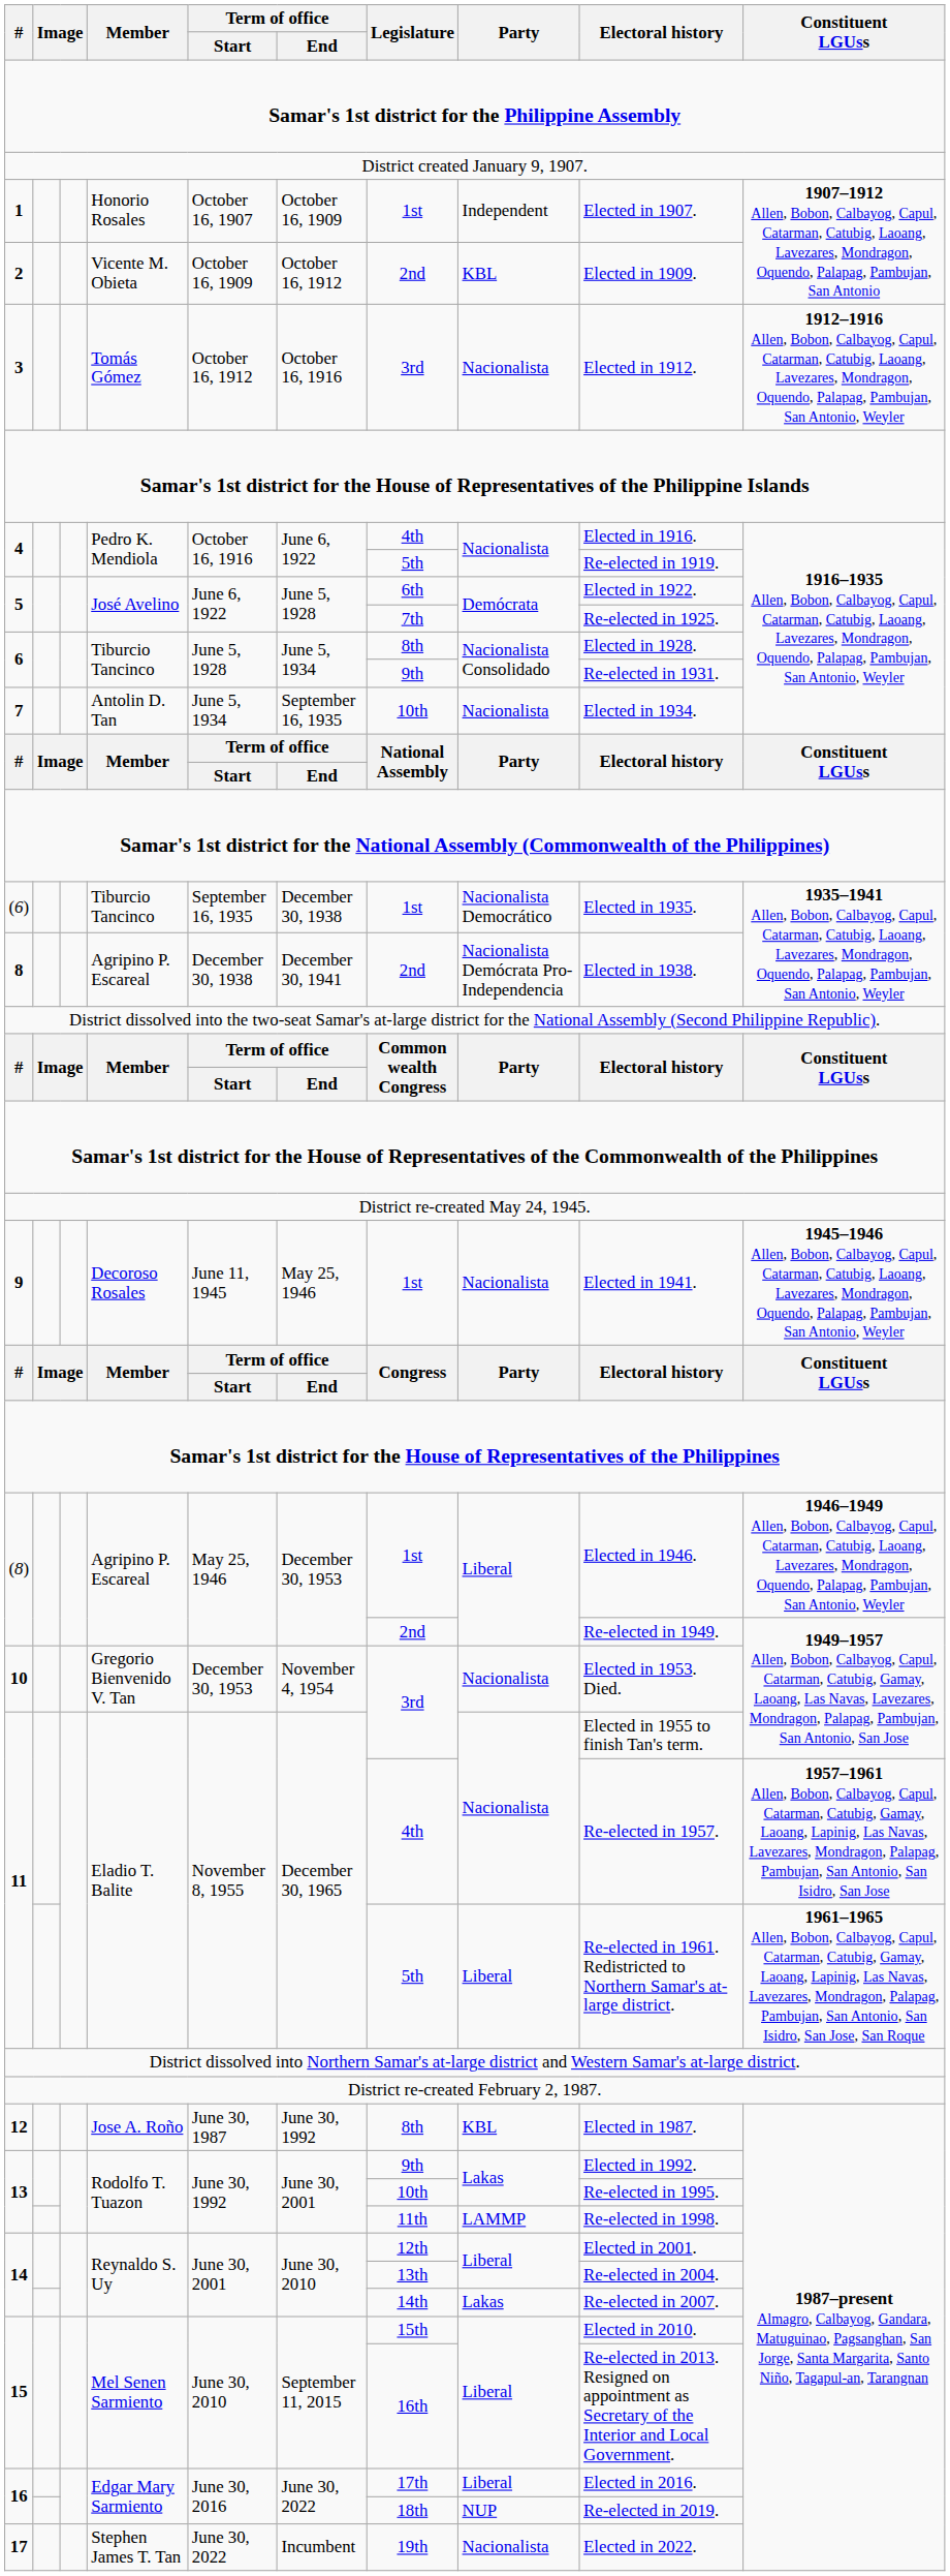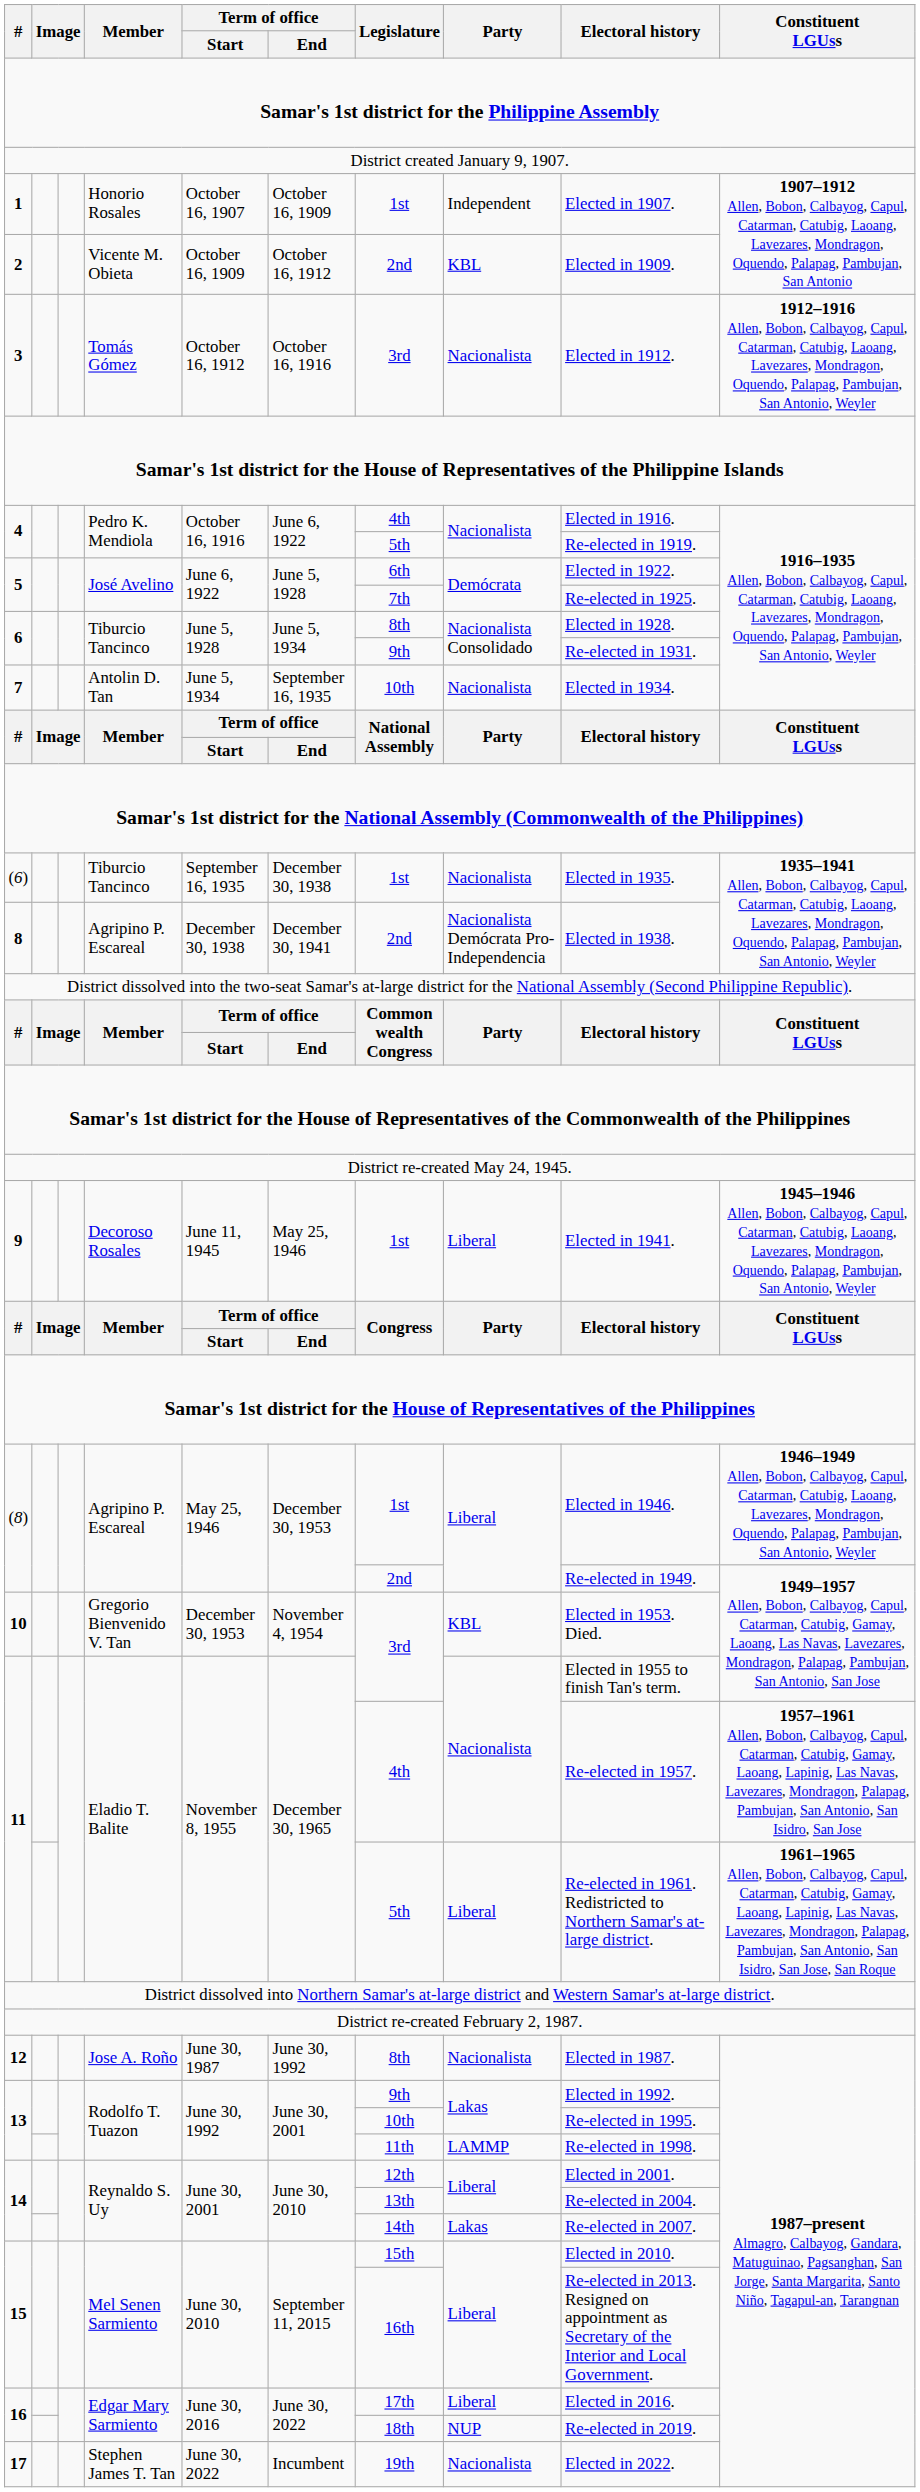 <table class=wikitable>
 <tr>
 <th rowspan="2">#</th>
 <th rowspan="2" colspan=2>Image</th>
 <th rowspan="2">Member</th>
 <th colspan=2>Term of office</th>
 <th rowspan="2">Legislature</th>
 <th rowspan="2">Party</th>
 <th rowspan="2">Electoral history</th>
 <th rowspan="2">Constituent<br><a href='#'>LGUs</a>s</th>
 </tr>
 <tr>
 <th>Start</th>
 <th>End</th>
 </tr>
 <tr>
 <td colspan="10" style="text-align:center;"><br><h3>Samar's 1st district for the <a href='#'>Philippine Assembly</a></h3></td>
 </tr>
 <tr>
 <td colspan="10" style="text-align:center;">District created January 9, 1907.</td>
 </tr>
 <tr>
 <td style="text-align:center;"><strong>1</strong></td>
 <td style="color:inherit;background:"></td>
 <td></td>
 <td>Honorio Rosales</td>
 <td>October 16, 1907</td>
 <td>October 16, 1909</td>
 <td style="text-align:center;"><a href='#'>1st</a></td>
 <td>Independent</td>
 <td><a href='#'>Elected in 1907</a>.</td>
 <td rowspan="2" style="text-align:center;"><strong>1907–1912</strong><br><small><a href='#'>Allen</a>, <a href='#'>Bobon</a>, <a href='#'>Calbayog</a>, <a href='#'>Capul</a>, <a href='#'>Catarman</a>, <a href='#'>Catubig</a>, <a href='#'>Laoang</a>, <a href='#'>Lavezares</a>, <a href='#'>Mondragon</a>, <a href='#'>Oquendo</a>, <a href='#'>Palapag</a>, <a href='#'>Pambujan</a>, <a href='#'>San Antonio</a></small></td>
 </tr>
 <tr>
 <td style="text-align:center;"><strong>2</strong></td>
 <td style="color:inherit;background:"></td>
 <td></td>
 <td>Vicente M. Obieta</td>
 <td>October 16, 1909</td>
 <td>October 16, 1912</td>
 <td style="text-align:center;"><a href='#'>2nd</a></td>
 <td><a href='#'>KBL</a></td>
 <td><a href='#'>Elected in 1909</a>.</td>
 </tr>
 <tr>
 <td style="text-align:center;"><strong>3</strong></td>
 <td style="color:inherit;background:"></td>
 <td></td>
 <td><a href='#'>Tomás Gómez</a></td>
 <td>October 16, 1912</td>
 <td>October 16, 1916</td>
 <td style="text-align:center;"><a href='#'>3rd</a></td>
 <td><a href='#'>Nacionalista</a></td>
 <td><a href='#'>Elected in 1912</a>.</td>
 <td style="text-align:center;"><strong>1912–1916</strong><br><small><a href='#'>Allen</a>, <a href='#'>Bobon</a>, <a href='#'>Calbayog</a>, <a href='#'>Capul</a>, <a href='#'>Catarman</a>, <a href='#'>Catubig</a>, <a href='#'>Laoang</a>, <a href='#'>Lavezares</a>, <a href='#'>Mondragon</a>, <a href='#'>Oquendo</a>, <a href='#'>Palapag</a>, <a href='#'>Pambujan</a>, <a href='#'>San Antonio</a>, <a href='#'>Weyler</a></small></td>
 </tr>
 <tr>
 <td colspan="10" style="text-align:center;"><br><h3>Samar's 1st district for the House of Representatives of the Philippine Islands</h3></td>
 </tr>
 <tr>
 <td rowspan="2" style="text-align:center;"><strong>4</strong></td>
 <td rowspan="2" style="color:inherit;background:"></td>
 <td rowspan="2"></td>
 <td rowspan="2">Pedro K. Mendiola</td>
 <td rowspan="2">October 16, 1916</td>
 <td rowspan="2">June 6, 1922</td>
 <td style="text-align:center;"><a href='#'>4th</a></td>
 <td rowspan="2"><a href='#'>Nacionalista</a></td>
 <td><a href='#'>Elected in 1916</a>.</td>
 <td rowspan="7" style="text-align:center;"><strong>1916–1935</strong><br><small><a href='#'>Allen</a>, <a href='#'>Bobon</a>, <a href='#'>Calbayog</a>, <a href='#'>Capul</a>, <a href='#'>Catarman</a>, <a href='#'>Catubig</a>, <a href='#'>Laoang</a>, <a href='#'>Lavezares</a>, <a href='#'>Mondragon</a>, <a href='#'>Oquendo</a>, <a href='#'>Palapag</a>, <a href='#'>Pambujan</a>, <a href='#'>San Antonio</a>, <a href='#'>Weyler</a></small></td>
 </tr>
 <tr>
 <td style="text-align:center;"><a href='#'>5th</a></td>
 <td><a href='#'>Re-elected in 1919</a>.</td>
 </tr>
 <tr>
 <td rowspan="2" style="text-align:center;"><strong>5</strong></td>
 <td rowspan="2" style="color:inherit;background:"></td>
 <td rowspan="2"></td>
 <td rowspan="2"><a href='#'>José Avelino</a></td>
 <td rowspan="2">June 6, 1922</td>
 <td rowspan="2">June 5, 1928</td>
 <td style="text-align:center;"><a href='#'>6th</a></td>
 <td rowspan="2"><a href='#'>Demócrata</a></td>
 <td><a href='#'>Elected in 1922</a>.</td>
 </tr>
 <tr>
 <td style="text-align:center;"><a href='#'>7th</a></td>
 <td><a href='#'>Re-elected in 1925</a>.</td>
 </tr>
 <tr>
 <td rowspan="2" style="text-align:center;"><strong>6</strong></td>
 <td rowspan="2" style="color:inherit;background:"></td>
 <td rowspan="2"></td>
 <td rowspan="2">Tiburcio Tancinco</td>
 <td rowspan="2">June 5, 1928</td>
 <td rowspan="2">June 5, 1934</td>
 <td style="text-align:center;"><a href='#'>8th</a></td>
 <td rowspan="2"><a href='#'>Nacionalista</a><br>Consolidado</td>
 <td><a href='#'>Elected in 1928</a>.</td>
 </tr>
 <tr>
 <td style="text-align:center;"><a href='#'>9th</a></td>
 <td><a href='#'>Re-elected in 1931</a>.</td>
 </tr>
 <tr>
 <td style="text-align:center;"><strong>7</strong></td>
 <td style="color:inherit;background:"></td>
 <td></td>
 <td>Antolin D. Tan</td>
 <td>June 5, 1934</td>
 <td>September 16, 1935</td>
 <td style="text-align:center;"><a href='#'>10th</a></td>
 <td><a href='#'>Nacionalista</a></td>
 <td><a href='#'>Elected in 1934</a>.</td>
 </tr>
 <tr>
 <th rowspan="2">#</th>
 <th rowspan="2" colspan=2>Image</th>
 <th rowspan="2">Member</th>
 <th colspan=2>Term of office</th>
 <th rowspan="2">National<br>Assembly</th>
 <th rowspan="2">Party</th>
 <th rowspan="2">Electoral history</th>
 <th rowspan="2">Constituent<br><a href='#'>LGUs</a>s</th>
 </tr>
 <tr>
 <th>Start</th>
 <th>End</th>
 </tr>
 <tr>
 <td colspan="10" style="text-align:center;"><br><h3>Samar's 1st district for the <a href='#'>National Assembly (Commonwealth of the Philippines)</a></h3></td>
 </tr>
 <tr>
 <td style="text-align:center;">(<em>6</em>)</td>
 <td style="color:inherit;background:"></td>
 <td></td>
 <td>Tiburcio Tancinco</td>
 <td>September 16, 1935</td>
 <td>December 30, 1938</td>
 <td style="text-align:center;"><a href='#'>1st</a></td>
-<td><a href='#'>Nacionalista</a><br>Democrático</td>
+<td><a href='#'>Nacionalista</a></td>
 <td><a href='#'>Elected in 1935</a>.</td>
 <td rowspan="2" style="text-align:center;"><strong>1935–1941</strong><br><small><a href='#'>Allen</a>, <a href='#'>Bobon</a>, <a href='#'>Calbayog</a>, <a href='#'>Capul</a>, <a href='#'>Catarman</a>, <a href='#'>Catubig</a>, <a href='#'>Laoang</a>, <a href='#'>Lavezares</a>, <a href='#'>Mondragon</a>, <a href='#'>Oquendo</a>, <a href='#'>Palapag</a>, <a href='#'>Pambujan</a>, <a href='#'>San Antonio</a>, <a href='#'>Weyler</a></small></td>
 </tr>
 <tr>
 <td style="text-align:center;"><strong>8</strong></td>
 <td style="color:inherit;background:"></td>
 <td></td>
 <td>Agripino P. Escareal</td>
 <td>December 30, 1938</td>
 <td>December 30, 1941</td>
 <td style="text-align:center;"><a href='#'>2nd</a></td>
 <td><a href='#'>Nacionalista</a><br>Demócrata Pro-Independencia</td>
 <td><a href='#'>Elected in 1938</a>.</td>
 </tr>
 <tr>
 <td colspan="10" style="text-align:center;">District dissolved into the two-seat Samar's at-large district for the <a href='#'>National Assembly (Second Philippine Republic)</a>.</td>
 </tr>
 <tr>
 <th rowspan="2">#</th>
 <th rowspan="2" colspan=2>Image</th>
 <th rowspan="2">Member</th>
 <th colspan=2>Term of office</th>
 <th rowspan="2">Common<br>wealth<br>Congress</th>
 <th rowspan="2">Party</th>
 <th rowspan="2">Electoral history</th>
 <th rowspan="2">Constituent<br><a href='#'>LGUs</a>s</th>
 </tr>
 <tr>
 <th>Start</th>
 <th>End</th>
 </tr>
 <tr>
 <td colspan="10" style="text-align:center;"><br><h3>Samar's 1st district for the House of Representatives of the Commonwealth of the Philippines</h3></td>
 </tr>
 <tr>
 <td colspan="10" style="text-align:center;">District re-created May 24, 1945.</td>
 </tr>
 <tr>
 <td style="text-align:center;"><strong>9</strong></td>
 <td style="color:inherit;background:"></td>
 <td></td>
 <td><a href='#'>Decoroso Rosales</a></td>
 <td>June 11, 1945</td>
 <td>May 25, 1946</td>
 <td style="text-align:center;"><a href='#'>1st</a></td>
-<td><a href='#'>Nacionalista</a></td>
+<td><a href='#'>Liberal</a></td>
 <td><a href='#'>Elected in 1941</a>.</td>
 <td style="text-align:center;"><strong>1945–1946</strong><br><small><a href='#'>Allen</a>, <a href='#'>Bobon</a>, <a href='#'>Calbayog</a>, <a href='#'>Capul</a>, <a href='#'>Catarman</a>, <a href='#'>Catubig</a>, <a href='#'>Laoang</a>, <a href='#'>Lavezares</a>, <a href='#'>Mondragon</a>, <a href='#'>Oquendo</a>, <a href='#'>Palapag</a>, <a href='#'>Pambujan</a>, <a href='#'>San Antonio</a>, <a href='#'>Weyler</a></small></td>
 </tr>
 <tr>
 <th rowspan="2">#</th>
 <th rowspan="2" colspan=2>Image</th>
 <th rowspan="2">Member</th>
 <th colspan=2>Term of office</th>
 <th rowspan="2">Congress</th>
 <th rowspan="2">Party</th>
 <th rowspan="2">Electoral history</th>
 <th rowspan="2">Constituent<br><a href='#'>LGUs</a>s</th>
 </tr>
 <tr>
 <th>Start</th>
 <th>End</th>
 </tr>
 <tr>
 <td colspan="10" style="text-align:center;"><br><h3>Samar's 1st district for the <a href='#'>House of Representatives of the Philippines</a></h3></td>
 </tr>
 <tr>
 <td rowspan="2" style="text-align:center;">(<em>8</em>)</td>
 <td rowspan="2" style="color:inherit;background:"></td>
 <td rowspan="2"></td>
 <td rowspan="2">Agripino P. Escareal</td>
 <td rowspan="2">May 25, 1946</td>
 <td rowspan="2">December 30, 1953</td>
 <td style="text-align:center;"><a href='#'>1st</a></td>
 <td rowspan="2"><a href='#'>Liberal</a></td>
 <td><a href='#'>Elected in 1946</a>.</td>
 <td style="text-align:center;"><strong>1946–1949</strong><br><small><a href='#'>Allen</a>, <a href='#'>Bobon</a>, <a href='#'>Calbayog</a>, <a href='#'>Capul</a>, <a href='#'>Catarman</a>, <a href='#'>Catubig</a>, <a href='#'>Laoang</a>, <a href='#'>Lavezares</a>, <a href='#'>Mondragon</a>, <a href='#'>Oquendo</a>, <a href='#'>Palapag</a>, <a href='#'>Pambujan</a>, <a href='#'>San Antonio</a>, <a href='#'>Weyler</a></small></td>
 </tr>
 <tr>
 <td style="text-align:center;"><a href='#'>2nd</a></td>
 <td><a href='#'>Re-elected in 1949</a>.</td>
 <td rowspan="3" style="text-align:center;"><strong>1949–1957</strong><br><small><a href='#'>Allen</a>, <a href='#'>Bobon</a>, <a href='#'>Calbayog</a>, <a href='#'>Capul</a>, <a href='#'>Catarman</a>, <a href='#'>Catubig</a>, <a href='#'>Gamay</a>, <a href='#'>Laoang</a>, <a href='#'>Las Navas</a>, <a href='#'>Lavezares</a>, <a href='#'>Mondragon</a>, <a href='#'>Palapag</a>, <a href='#'>Pambujan</a>, <a href='#'>San Antonio</a>, <a href='#'>San Jose</a></small></td>
 </tr>
 <tr>
 <td style="text-align:center;"><strong>10</strong></td>
 <td style="color:inherit;background:"></td>
 <td></td>
 <td>Gregorio Bienvenido V. Tan</td>
 <td>December 30, 1953</td>
 <td>November 4, 1954</td>
 <td rowspan="2" style="text-align:center;"><a href='#'>3rd</a></td>
-<td><a href='#'>Nacionalista</a></td>
+<td><a href='#'>KBL</a></td>
 <td><a href='#'>Elected in 1953</a>.<br>Died.</td>
 </tr>
 <tr>
 <td rowspan="3" style="text-align:center;"><strong>11</strong></td>
 <td rowspan="2" style="color:inherit;background:"></td>
 <td rowspan="3"></td>
 <td rowspan="3">Eladio T. Balite</td>
 <td rowspan="3">November 8, 1955</td>
 <td rowspan="3">December 30, 1965</td>
 <td rowspan="2"><a href='#'>Nacionalista</a></td>
 <td>Elected in 1955 to finish Tan's term.</td>
 </tr>
 <tr>
 <td style="text-align:center;"><a href='#'>4th</a></td>
 <td><a href='#'>Re-elected in 1957</a>.</td>
 <td style="text-align:center;"><strong>1957–1961</strong><br><small><a href='#'>Allen</a>, <a href='#'>Bobon</a>, <a href='#'>Calbayog</a>, <a href='#'>Capul</a>, <a href='#'>Catarman</a>, <a href='#'>Catubig</a>, <a href='#'>Gamay</a>, <a href='#'>Laoang</a>, <a href='#'>Lapinig</a>, <a href='#'>Las Navas</a>, <a href='#'>Lavezares</a>, <a href='#'>Mondragon</a>, <a href='#'>Palapag</a>, <a href='#'>Pambujan</a>, <a href='#'>San Antonio</a>, <a href='#'>San Isidro</a>, <a href='#'>San Jose</a></small></td>
 </tr>
 <tr>
 <td style="color:inherit;background:"></td>
 <td style="text-align:center;"><a href='#'>5th</a></td>
 <td><a href='#'>Liberal</a></td>
 <td><a href='#'>Re-elected in 1961</a>.<br>Redistricted to <a href='#'>Northern Samar's at-large district</a>.</td>
 <td style="text-align:center;"><strong>1961–1965</strong><br><small><a href='#'>Allen</a>, <a href='#'>Bobon</a>, <a href='#'>Calbayog</a>, <a href='#'>Capul</a>, <a href='#'>Catarman</a>, <a href='#'>Catubig</a>, <a href='#'>Gamay</a>, <a href='#'>Laoang</a>, <a href='#'>Lapinig</a>, <a href='#'>Las Navas</a>, <a href='#'>Lavezares</a>, <a href='#'>Mondragon</a>, <a href='#'>Palapag</a>, <a href='#'>Pambujan</a>, <a href='#'>San Antonio</a>, <a href='#'>San Isidro</a>, <a href='#'>San Jose</a>, <a href='#'>San Roque</a></small></td>
 </tr>
 <tr>
 <td colspan="10" style="text-align:center;">District dissolved into <a href='#'>Northern Samar's at-large district</a> and <a href='#'>Western Samar's at-large district</a>.</td>
 </tr>
 <tr>
 <td colspan="10" style="text-align:center;">District re-created February 2, 1987.</td>
 </tr>
 <tr>
 <td style="text-align:center;"><strong>12</strong></td>
 <td style="color:inherit;background:"></td>
 <td></td>
 <td><a href='#'>Jose A. Roño</a></td>
 <td>June 30, 1987</td>
 <td>June 30, 1992</td>
 <td style="text-align:center;"><a href='#'>8th</a></td>
-<td><a href='#'>KBL</a></td>
+<td><a href='#'>Nacionalista</a></td>
 <td><a href='#'>Elected in 1987</a>.</td>
 <td rowspan="12" style="text-align:center;"><strong>1987–present</strong><br><small><a href='#'>Almagro</a>, <a href='#'>Calbayog</a>, <a href='#'>Gandara</a>, <a href='#'>Matuguinao</a>, <a href='#'>Pagsanghan</a>, <a href='#'>San Jorge</a>, <a href='#'>Santa Margarita</a>, <a href='#'>Santo Niño</a>, <a href='#'>Tagapul-an</a>, <a href='#'>Tarangnan</a></small></td>
 </tr>
 <tr>
 <td rowspan="3" style="text-align:center;"><strong>13</strong></td>
 <td rowspan="2" style="color:inherit;background:"></td>
 <td rowspan="3"></td>
 <td rowspan="3">Rodolfo T. Tuazon</td>
 <td rowspan="3">June 30, 1992</td>
 <td rowspan="3">June 30, 2001</td>
 <td style="text-align:center;"><a href='#'>9th</a></td>
 <td rowspan="2"><a href='#'>Lakas</a></td>
 <td><a href='#'>Elected in 1992</a>.</td>
 </tr>
 <tr>
 <td style="text-align:center;"><a href='#'>10th</a></td>
 <td><a href='#'>Re-elected in 1995</a>.</td>
 </tr>
 <tr>
 <td style="color:inherit;background:"></td>
 <td style="text-align:center;"><a href='#'>11th</a></td>
 <td><a href='#'>LAMMP</a></td>
 <td><a href='#'>Re-elected in 1998</a>.</td>
 </tr>
 <tr>
 <td rowspan="3" style="text-align:center;"><strong>14</strong></td>
 <td rowspan="2" style="color:inherit;background:"></td>
 <td rowspan="3"></td>
 <td rowspan="3">Reynaldo S. Uy</td>
 <td rowspan="3">June 30, 2001</td>
 <td rowspan="3">June 30, 2010</td>
 <td style="text-align:center;"><a href='#'>12th</a></td>
 <td rowspan="2"><a href='#'>Liberal</a></td>
 <td><a href='#'>Elected in 2001</a>.</td>
 </tr>
 <tr>
 <td style="text-align:center;"><a href='#'>13th</a></td>
 <td><a href='#'>Re-elected in 2004</a>.</td>
 </tr>
 <tr>
 <td style="color:inherit;background:"></td>
 <td style="text-align:center;"><a href='#'>14th</a></td>
 <td><a href='#'>Lakas</a></td>
 <td><a href='#'>Re-elected in 2007</a>.</td>
 </tr>
 <tr>
 <td rowspan="2" style="text-align:center;"><strong>15</strong></td>
 <td rowspan="2" style="color:inherit;background:"></td>
 <td rowspan="2"></td>
 <td rowspan="2"><a href='#'>Mel Senen Sarmiento</a></td>
 <td rowspan="2">June 30, 2010</td>
 <td rowspan="2">September 11, 2015</td>
 <td style="text-align:center;"><a href='#'>15th</a></td>
 <td rowspan="2"><a href='#'>Liberal</a></td>
 <td><a href='#'>Elected in 2010</a>.</td>
 </tr>
 <tr>
 <td style="text-align:center;"><a href='#'>16th</a></td>
 <td><a href='#'>Re-elected in 2013</a>. Resigned on appointment as <a href='#'>Secretary of the Interior and Local Government</a>.</td>
 </tr>
 <tr>
 <td rowspan="2" style="text-align:center;"><strong>16</strong></td>
 <td style="color:inherit;background:"></td>
 <td rowspan="2"></td>
 <td rowspan="2"><a href='#'>Edgar Mary Sarmiento</a></td>
 <td rowspan="2">June 30, 2016</td>
 <td rowspan="2">June 30, 2022</td>
 <td style="text-align:center;"><a href='#'>17th</a></td>
 <td><a href='#'>Liberal</a></td>
 <td><a href='#'>Elected in 2016</a>.</td>
 </tr>
 <tr>
 <td style="color:inherit;background:"></td>
 <td style="text-align:center;"><a href='#'>18th</a></td>
 <td><a href='#'>NUP</a></td>
 <td><a href='#'>Re-elected in 2019</a>.</td>
 </tr>
 <tr>
 <td style="text-align:center;"><strong>17</strong></td>
 <td style="color:inherit;background:"></td>
 <td></td>
 <td>Stephen James T. Tan</td>
 <td>June 30, 2022</td>
 <td>Incumbent</td>
 <td style="text-align:center;"><a href='#'>19th</a></td>
 <td><a href='#'>Nacionalista</a></td>
 <td><a href='#'>Elected in 2022</a>.</td>
 </tr>
 </table>
